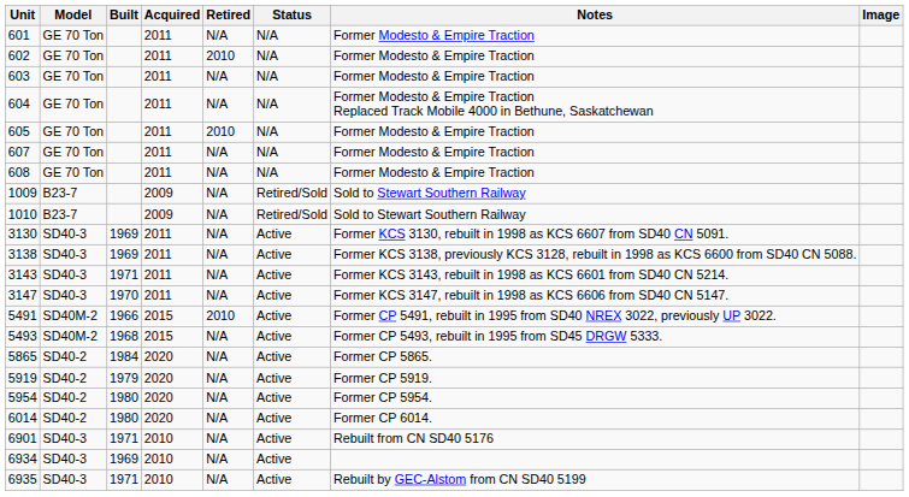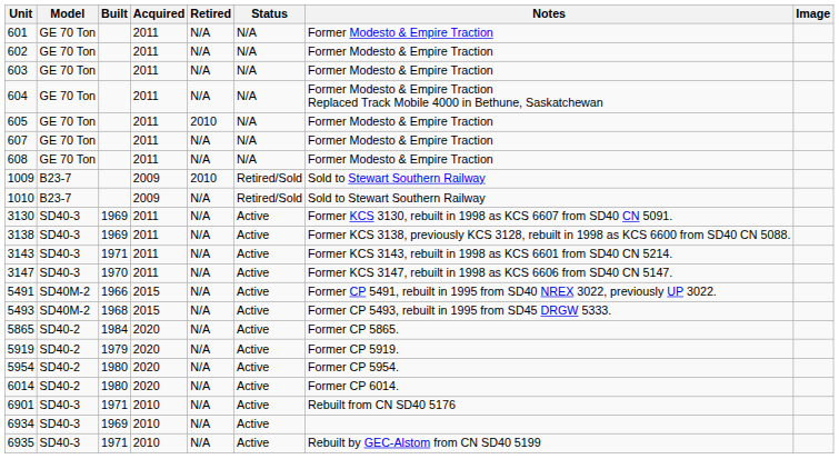 <table class="wikitable" border="1">
 <tr>
 <th>Unit</th>
 <th>Model</th>
 <th>Built</th>
 <th>Acquired</th>
 <th>Retired</th>
 <th>Status</th>
 <th>Notes</th>
 <th>Image</th>
 </tr>
 <tr>
 <td>601</td>
 <td>GE 70 Ton</td>
 <td></td>
 <td>2011</td>
 <td>N/A</td>
 <td>N/A</td>
 <td>Former <a href='#'>Modesto & Empire Traction</a></td>
 <td></td>
 </tr>
 <tr>
 <td>602</td>
 <td>GE 70 Ton</td>
 <td></td>
 <td>2011</td>
-<td>2010</td>
+<td>N/A</td>
 <td>N/A</td>
 <td>Former Modesto & Empire Traction</td>
 <td></td>
 </tr>
 <tr>
 <td>603</td>
 <td>GE 70 Ton</td>
 <td></td>
 <td>2011</td>
 <td>N/A</td>
 <td>N/A</td>
 <td>Former Modesto & Empire Traction</td>
 <td></td>
 </tr>
 <tr>
 <td>604</td>
 <td>GE 70 Ton</td>
 <td></td>
 <td>2011</td>
 <td>N/A</td>
 <td>N/A</td>
 <td>Former Modesto & Empire Traction <br>Replaced Track Mobile 4000 in Bethune, Saskatchewan</td>
 <td></td>
 </tr>
 <tr>
 <td>605</td>
 <td>GE 70 Ton</td>
 <td></td>
 <td>2011</td>
 <td>2010</td>
 <td>N/A</td>
 <td>Former Modesto & Empire Traction</td>
 <td></td>
 </tr>
 <tr>
 <td>607</td>
 <td>GE 70 Ton</td>
 <td></td>
 <td>2011</td>
 <td>N/A</td>
 <td>N/A</td>
 <td>Former Modesto & Empire Traction</td>
 <td></td>
 </tr>
 <tr>
 <td>608</td>
 <td>GE 70 Ton</td>
 <td></td>
 <td>2011</td>
 <td>N/A</td>
 <td>N/A</td>
 <td>Former Modesto & Empire Traction</td>
 <td></td>
 </tr>
 <tr>
 <td>1009</td>
 <td>B23-7</td>
 <td></td>
 <td>2009</td>
-<td>N/A</td>
+<td>2010</td>
 <td>Retired/Sold</td>
 <td>Sold to <a href='#'>Stewart Southern Railway</a></td>
 <td></td>
 </tr>
 <tr>
 <td>1010</td>
 <td>B23-7</td>
 <td></td>
 <td>2009</td>
 <td>N/A</td>
 <td>Retired/Sold</td>
 <td>Sold to Stewart Southern Railway</td>
 <td></td>
 </tr>
 <tr>
 <td>3130</td>
 <td>SD40-3</td>
 <td>1969</td>
 <td>2011</td>
 <td>N/A</td>
 <td>Active</td>
 <td>Former <a href='#'>KCS</a> 3130, rebuilt in 1998 as KCS 6607 from SD40 <a href='#'>CN</a> 5091.</td>
 <td></td>
 </tr>
 <tr>
 <td>3138</td>
 <td>SD40-3</td>
 <td>1969</td>
 <td>2011</td>
 <td>N/A</td>
 <td>Active</td>
 <td>Former KCS 3138, previously KCS 3128, rebuilt in 1998 as KCS 6600 from SD40 CN 5088.</td>
 <td></td>
 </tr>
 <tr>
 <td>3143</td>
 <td>SD40-3</td>
 <td>1971</td>
 <td>2011</td>
 <td>N/A</td>
 <td>Active</td>
 <td>Former KCS 3143, rebuilt in 1998 as KCS 6601 from SD40 CN 5214.</td>
 <td></td>
 </tr>
 <tr>
 <td>3147</td>
 <td>SD40-3</td>
 <td>1970</td>
 <td>2011</td>
 <td>N/A</td>
 <td>Active</td>
 <td>Former KCS 3147, rebuilt in 1998 as KCS 6606 from SD40 CN 5147.</td>
 <td></td>
 </tr>
 <tr>
 <td>5491</td>
 <td>SD40M-2</td>
 <td>1966</td>
 <td>2015</td>
-<td>2010</td>
+<td>N/A</td>
 <td>Active</td>
 <td>Former <a href='#'>CP</a> 5491, rebuilt in 1995 from SD40 <a href='#'>NREX</a> 3022, previously <a href='#'>UP</a> 3022.</td>
 <td></td>
 </tr>
 <tr>
 <td>5493</td>
 <td>SD40M-2</td>
 <td>1968</td>
 <td>2015</td>
 <td>N/A</td>
 <td>Active</td>
 <td>Former CP 5493, rebuilt in 1995 from SD45 <a href='#'>DRGW</a> 5333.</td>
 <td></td>
 </tr>
 <tr>
 <td>5865</td>
 <td>SD40-2</td>
 <td>1984</td>
 <td>2020</td>
 <td>N/A</td>
 <td>Active</td>
 <td>Former CP 5865.</td>
 <td></td>
 </tr>
 <tr>
 <td>5919</td>
 <td>SD40-2</td>
 <td>1979</td>
 <td>2020</td>
 <td>N/A</td>
 <td>Active</td>
 <td>Former CP 5919.</td>
 <td></td>
 </tr>
 <tr>
 <td>5954</td>
 <td>SD40-2</td>
 <td>1980</td>
 <td>2020</td>
 <td>N/A</td>
 <td>Active</td>
 <td>Former CP 5954.</td>
 <td></td>
 </tr>
 <tr>
 <td>6014</td>
 <td>SD40-2</td>
 <td>1980</td>
 <td>2020</td>
 <td>N/A</td>
 <td>Active</td>
 <td>Former CP 6014.</td>
 <td></td>
 </tr>
 <tr>
 <td>6901</td>
 <td>SD40-3</td>
 <td>1971</td>
 <td>2010</td>
 <td>N/A</td>
 <td>Active</td>
 <td>Rebuilt from CN SD40 5176 </td>
 <td></td>
 </tr>
 <tr>
 <td>6934</td>
 <td>SD40-3</td>
 <td>1969</td>
 <td>2010</td>
 <td>N/A</td>
 <td>Active</td>
 <td></td>
 <td></td>
 </tr>
 <tr>
 <td>6935</td>
 <td>SD40-3</td>
 <td>1971</td>
 <td>2010</td>
 <td>N/A</td>
 <td>Active</td>
 <td>Rebuilt by <a href='#'>GEC-Alstom</a> from CN SD40 5199 </td>
 <td></td>
 </tr>
 </table>
